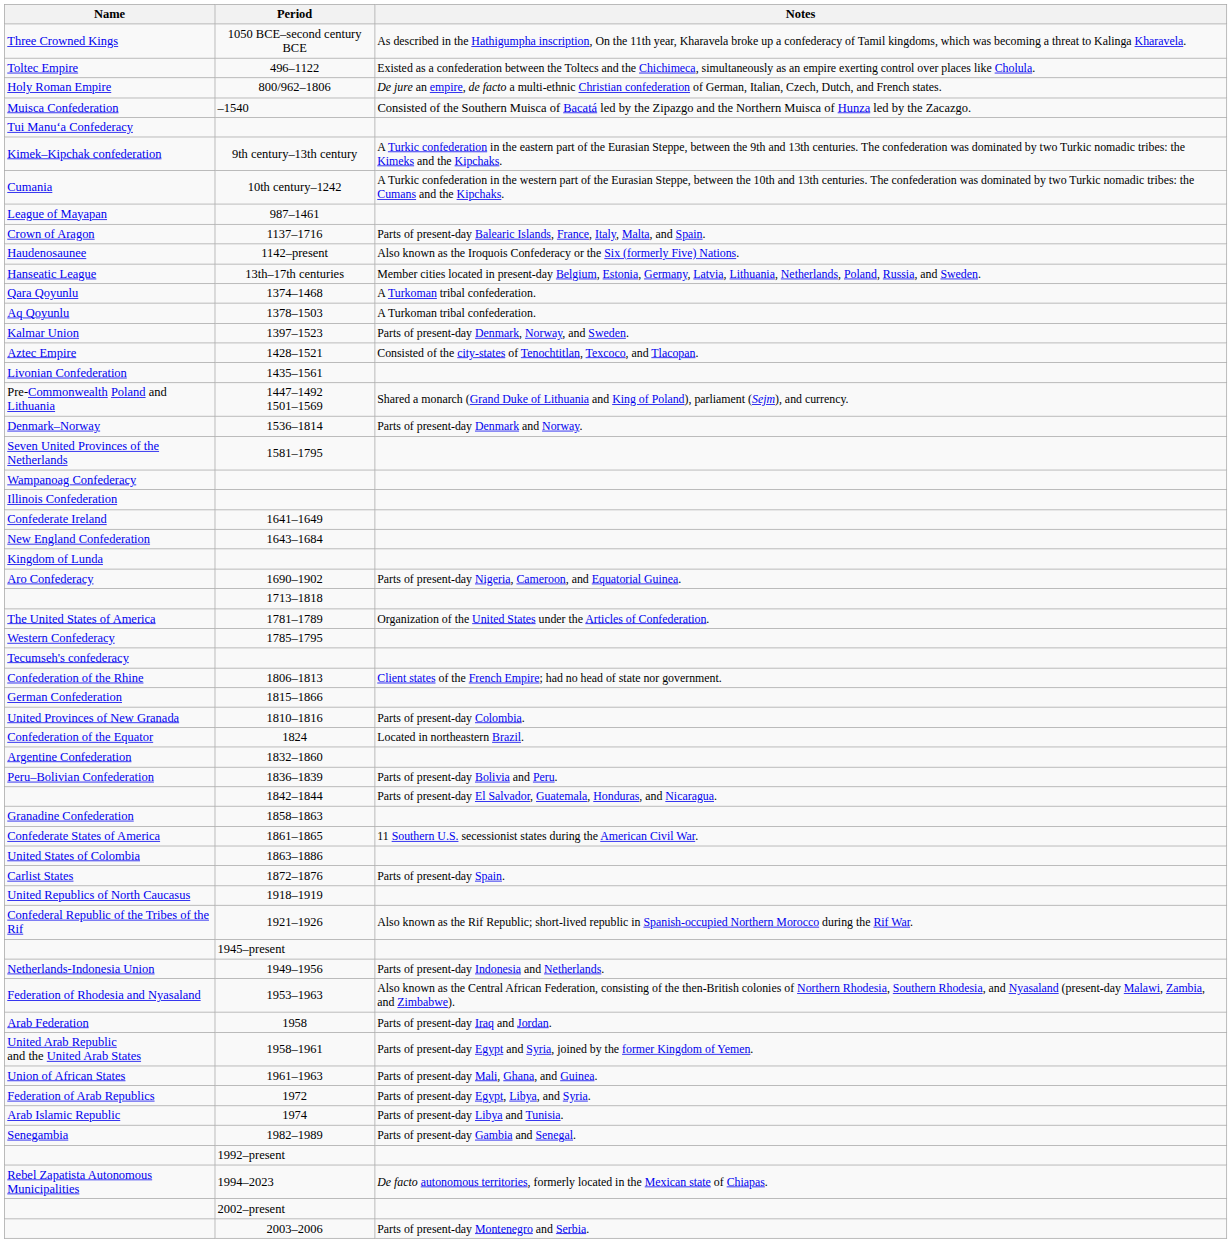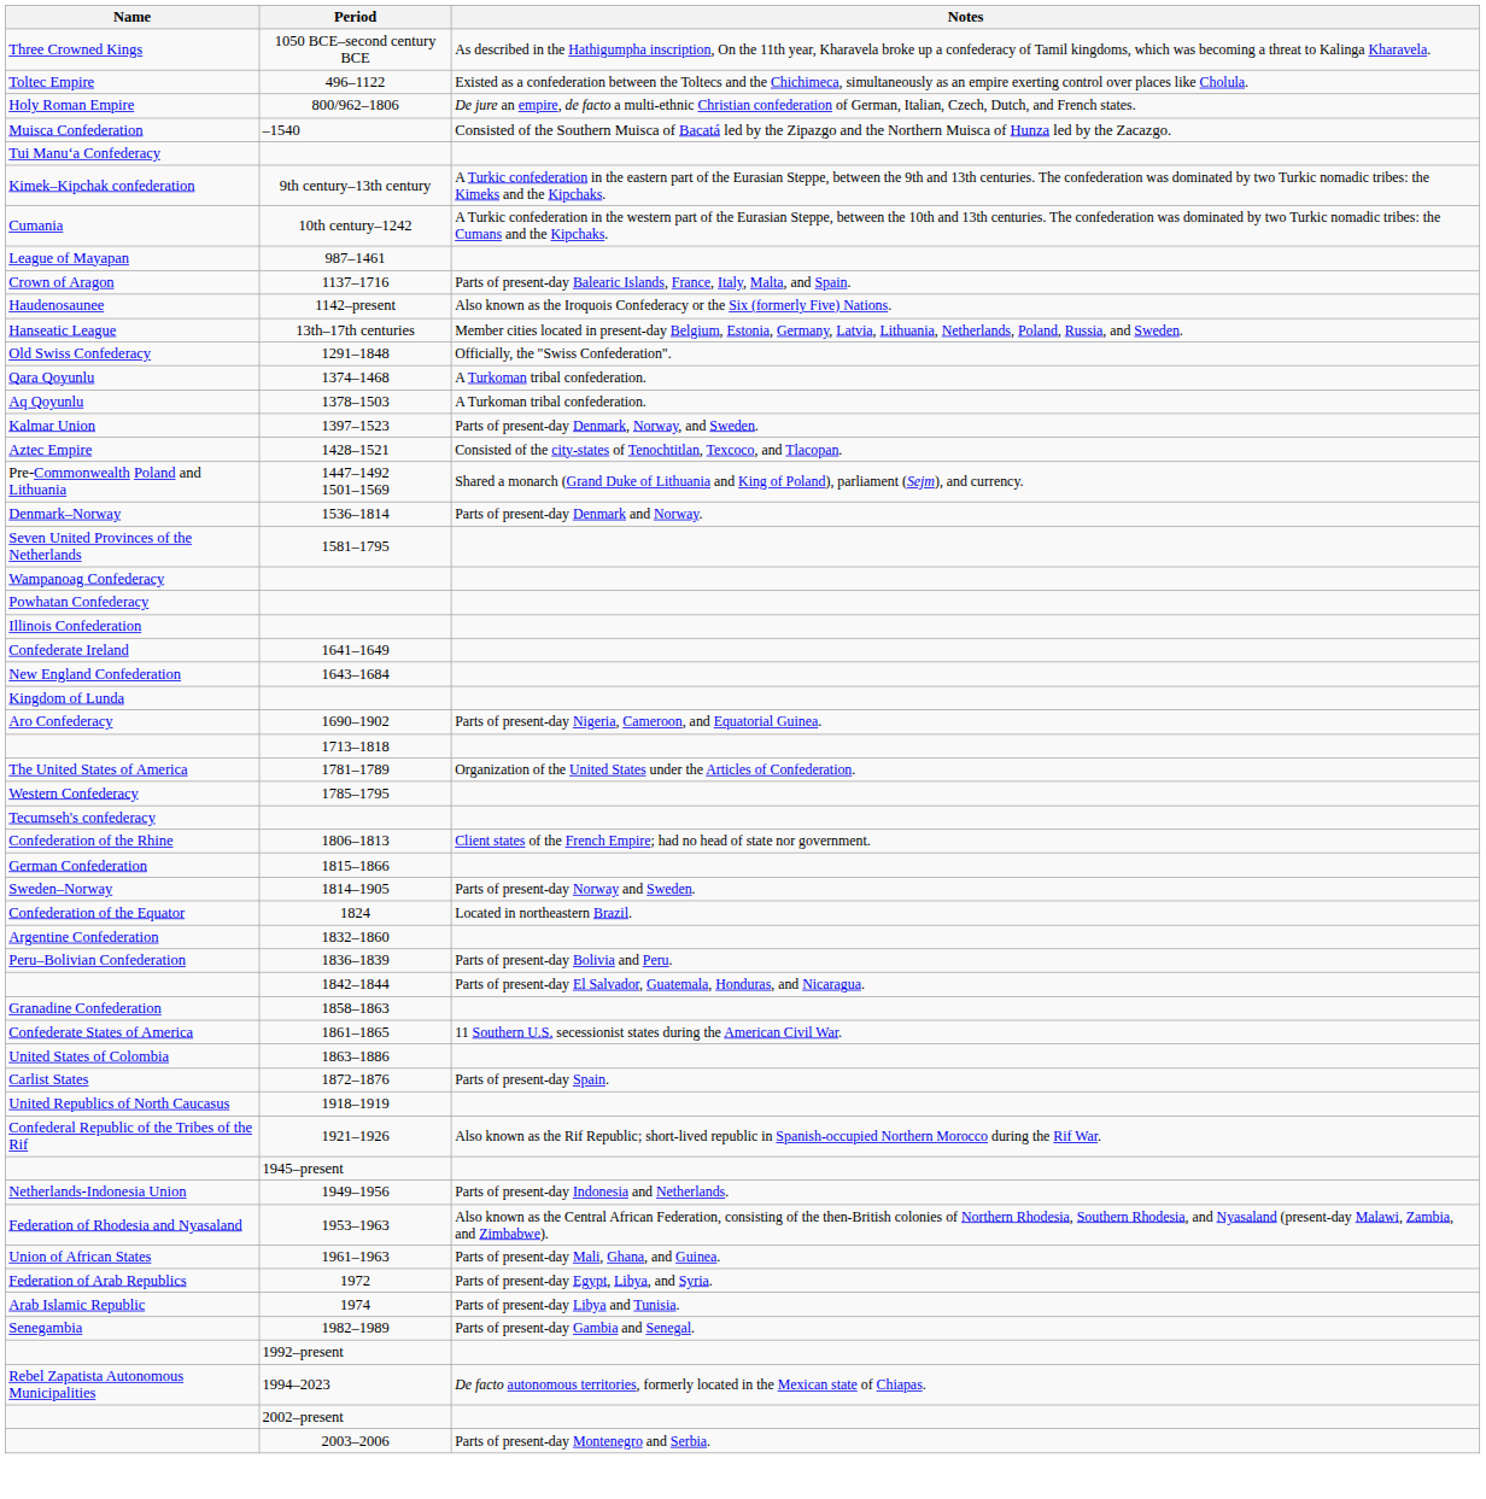 <table class="wikitable sortable">
 <tr>
 <th>Name</th>
 <th>Period</th>
 <th>Notes</th>
 </tr>
 <tr>
 <td><a href='#'>Three Crowned Kings</a></td>
 <td align="center">1050 BCE–second century BCE</td>
 <td style="font-size:95%;">As described in the <a href='#'>Hathigumpha inscription</a>, On the 11th year, Kharavela broke up a confederacy of Tamil kingdoms, which was becoming a threat to Kalinga <a href='#'>Kharavela</a>.</td>
 </tr>
 <tr>
 <td> <a href='#'>Toltec Empire</a></td>
 <td align="center">496–1122</td>
 <td style="font-size:95%;">Existed as a confederation between the Toltecs and the <a href='#'>Chichimeca</a>, simultaneously as an empire exerting control over places like <a href='#'>Cholula</a>.</td>
 </tr>
 <tr>
 <td> <a href='#'>Holy Roman Empire</a></td>
 <td align="center">800/962–1806</td>
 <td style="font-size:95%;"><em>De jure</em> an <a href='#'>empire</a>, <em>de facto</em> a multi-ethnic <a href='#'>Christian confederation</a> of German, Italian, Czech, Dutch, and French states.</td>
 </tr>
 <tr>
 <td> <a href='#'>Muisca Confederation</a></td>
 <td align=“center”>–1540</td>
 <td style=“font-size:95%;”>Consisted of the Southern Muisca of <a href='#'>Bacatá</a> led by the Zipazgo and the Northern Muisca of <a href='#'>Hunza</a> led by the Zacazgo.</td>
 </tr>
 <tr>
 <td><a href='#'>Tui Manuʻa Confederacy</a></td>
 <td align="center"></td>
 <td style="font-size:95%;"></td>
 </tr>
 <tr>
 <td><a href='#'>Kimek–Kipchak confederation</a></td>
 <td align="center">9th century–13th century</td>
 <td style="font-size:95%;">A <a href='#'>Turkic confederation</a> in the eastern part of the Eurasian Steppe, between the 9th and 13th centuries. The confederation was dominated by two Turkic nomadic tribes: the <a href='#'>Kimeks</a> and the <a href='#'>Kipchaks</a>.</td>
 </tr>
 <tr>
 <td><a href='#'>Cumania</a></td>
 <td align="center">10th century–1242</td>
 <td style="font-size:95%;">A Turkic confederation in the western part of the Eurasian Steppe, between the 10th and 13th centuries. The confederation was dominated by two Turkic nomadic tribes: the <a href='#'>Cumans</a> and the <a href='#'>Kipchaks</a>.</td>
 </tr>
 <tr>
 <td><a href='#'>League of Mayapan</a></td>
 <td align="center">987–1461</td>
 <td style="font-size:95%;"></td>
 </tr>
 <tr>
 <td> <a href='#'>Crown of Aragon</a></td>
 <td align="center">1137–1716</td>
 <td style="font-size:95%;">Parts of present-day <a href='#'>Balearic Islands</a>, <a href='#'>France</a>, <a href='#'>Italy</a>, <a href='#'>Malta</a>, and <a href='#'>Spain</a>.</td>
 </tr>
 <tr>
 <td> <a href='#'>Haudenosaunee</a></td>
 <td align="center">1142–present</td>
 <td style="font-size:95%;">Also known as the Iroquois Confederacy or the <a href='#'>Six (formerly Five) Nations</a>.</td>
 </tr>
 <tr>
 <td><a href='#'>Hanseatic League</a></td>
 <td align="center" style="white-space:nowrap;">13th–17th centuries</td>
 <td style="font-size:95%;">Member cities located in present-day <a href='#'>Belgium</a>, <a href='#'>Estonia</a>, <a href='#'>Germany</a>, <a href='#'>Latvia</a>, <a href='#'>Lithuania</a>, <a href='#'>Netherlands</a>, <a href='#'>Poland</a>, <a href='#'>Russia</a>, and <a href='#'>Sweden</a>.</td>
 </tr>
 <tr>
+<td> <a href='#'>Old Swiss Confederacy</a></td>
+<td align="center">1291–1848</td>
+<td style="font-size:95%;">Officially, the "Swiss Confederation".</td>
+</tr>
+<tr>
 <td><a href='#'>Qara Qoyunlu</a></td>
 <td align="center">1374–1468</td>
 <td style="font-size:95%;">A <a href='#'>Turkoman</a> tribal confederation.</td>
 </tr>
 <tr>
 <td><a href='#'>Aq Qoyunlu</a></td>
 <td align="center">1378–1503</td>
 <td style="font-size:95%;">A Turkoman tribal confederation.</td>
 </tr>
 <tr>
 <td> <a href='#'>Kalmar Union</a></td>
 <td align="center">1397–1523</td>
 <td style="font-size:95%;">Parts of present-day <a href='#'>Denmark</a>, <a href='#'>Norway</a>, and <a href='#'>Sweden</a>.</td>
 </tr>
 <tr>
 <td> <a href='#'>Aztec Empire</a></td>
 <td align="center">1428–1521</td>
 <td style="font-size:95%;">Consisted of the <a href='#'>city-states</a> of <a href='#'>Tenochtitlan</a>, <a href='#'>Texcoco</a>, and <a href='#'>Tlacopan</a>.</td>
 </tr>
 <tr>
-<td> <a href='#'>Livonian Confederation</a></td>
-<td align="center">1435–1561</td>
-<td style="font-size:95%;"></td>
-</tr>
-<tr>
 <td> Pre-<a href='#'>Commonwealth</a> <a href='#'>Poland</a> and <a href='#'>Lithuania</a></td>
 <td align="center">1447–1492<br>1501–1569</td>
 <td style="font-size:95%;">Shared a monarch (<a href='#'>Grand Duke of Lithuania</a> and <a href='#'>King of Poland</a>), parliament (<em><a href='#'>Sejm</a></em>), and currency.</td>
 </tr>
 <tr>
 <td> <a href='#'>Denmark–Norway</a></td>
 <td align="center">1536–1814</td>
 <td style="font-size:95%;">Parts of present-day <a href='#'>Denmark</a> and <a href='#'>Norway</a>.</td>
 </tr>
 <tr>
 <td> <a href='#'>Seven United Provinces of the Netherlands</a></td>
 <td align="center">1581–1795</td>
 <td style="font-size:95%;"></td>
 </tr>
 <tr>
 <td><a href='#'>Wampanoag Confederacy</a></td>
+<td align="center"></td>
+<td style="font-size:95%;"></td>
+</tr>
+<tr>
+<td><a href='#'>Powhatan Confederacy</a></td>
 <td align="center"></td>
 <td style="font-size:95%;"></td>
 </tr>
 <tr>
 <td><a href='#'>Illinois Confederation</a></td>
 <td align="center"></td>
 <td style="font-size:95%;"></td>
 </tr>
 <tr>
 <td> <a href='#'>Confederate Ireland</a></td>
 <td align="center">1641–1649</td>
 <td style="font-size:95%;"></td>
 </tr>
 <tr>
 <td> <a href='#'>New England Confederation</a></td>
 <td align="center">1643–1684</td>
 <td style="font-size:95%;"></td>
 </tr>
 <tr>
 <td><a href='#'>Kingdom of Lunda</a></td>
 <td></td>
 <td></td>
 </tr>
 <tr>
 <td> <a href='#'>Aro Confederacy</a></td>
 <td align="center">1690–1902</td>
 <td style="font-size:95%;">Parts of present-day <a href='#'>Nigeria</a>, <a href='#'>Cameroon</a>, and <a href='#'>Equatorial Guinea</a>.</td>
 </tr>
 <tr>
 <td></td>
 <td align="center">1713–1818</td>
 <td style="font-size:95%;"></td>
 </tr>
 <tr>
 <td> <a href='#'>The United States of America</a></td>
 <td align="center">1781–1789</td>
 <td style="font-size:95%;">Organization of the <a href='#'>United States</a> under the <a href='#'>Articles of Confederation</a>.</td>
 </tr>
 <tr>
 <td><a href='#'>Western Confederacy</a></td>
 <td align="center">1785–1795</td>
 <td style="font-size:95%;"></td>
 </tr>
 <tr>
 <td><a href='#'>Tecumseh's confederacy</a></td>
 <td align="center"></td>
 <td style="font-size:95%;"></td>
 </tr>
 <tr>
 <td> <a href='#'>Confederation of the Rhine</a></td>
 <td align="center">1806–1813</td>
 <td style="font-size:95%;"><a href='#'>Client states</a> of the <a href='#'>French Empire</a>; had no head of state nor government.</td>
 </tr>
 <tr>
 <td> <a href='#'>German Confederation</a></td>
 <td align="center">1815–1866</td>
 <td style="font-size:95%;"></td>
 </tr>
 <tr>
-<td> <a href='#'>United Provinces of New Granada</a></td>
-<td align="center">1810–1816</td>
-<td style="font-size:95%;">Parts of present-day <a href='#'>Colombia</a>.</td>
+<td> <a href='#'>Sweden–Norway</a></td>
+<td align="center">1814–1905</td>
+<td style="font-size:95%;">Parts of present-day <a href='#'>Norway</a> and <a href='#'>Sweden</a>.</td>
 </tr>
 <tr>
 <td> <a href='#'>Confederation of the Equator</a></td>
 <td align="center">1824</td>
 <td style="font-size:95%;">Located in northeastern <a href='#'>Brazil</a>.</td>
 </tr>
 <tr>
 <td> <a href='#'>Argentine Confederation</a></td>
 <td align="center">1832–1860</td>
 <td style="font-size:95%;"></td>
 </tr>
 <tr>
 <td> <a href='#'>Peru–Bolivian Confederation</a></td>
 <td align="center">1836–1839</td>
 <td style="font-size:95%;">Parts of present-day <a href='#'>Bolivia</a> and <a href='#'>Peru</a>.</td>
 </tr>
 <tr>
 <td></td>
 <td align="center">1842–1844</td>
 <td style="font-size:95%;">Parts of present-day <a href='#'>El Salvador</a>, <a href='#'>Guatemala</a>, <a href='#'>Honduras</a>, and <a href='#'>Nicaragua</a>.</td>
 </tr>
 <tr>
 <td> <a href='#'>Granadine Confederation</a></td>
 <td align="center">1858–1863</td>
 <td></td>
 </tr>
 <tr>
 <td> <a href='#'>Confederate States of America</a></td>
 <td align="center">1861–1865</td>
 <td style="font-size:95%;">11 <a href='#'>Southern U.S.</a> secessionist states during the <a href='#'>American Civil War</a>.</td>
 </tr>
 <tr>
 <td> <a href='#'>United States of Colombia</a></td>
 <td align="center">1863–1886</td>
 </tr>
 <tr>
 <td> <a href='#'>Carlist States</a></td>
 <td align="center">1872–1876</td>
 <td style="font-size:95%;">Parts of present-day <a href='#'>Spain</a>.</td>
 </tr>
 <tr>
 <td> <a href='#'>United Republics of North Caucasus</a></td>
 <td align="center">1918–1919</td>
 <td></td>
 </tr>
 <tr>
 <td> <a href='#'>Confederal Republic of the Tribes of the Rif</a></td>
 <td align="center">1921–1926</td>
 <td style="font-size:95%;">Also known as the Rif Republic; short-lived republic in <a href='#'>Spanish-occupied Northern Morocco</a> during the <a href='#'>Rif War</a>.</td>
 </tr>
 <tr>
 <td></td>
 <td>1945–present</td>
 <td></td>
 </tr>
 <tr>
 <td><a href='#'>Netherlands-Indonesia Union</a></td>
 <td align="center">1949–1956</td>
 <td style="font-size:95%;">Parts of present-day <a href='#'>Indonesia</a> and <a href='#'>Netherlands</a>.</td>
 </tr>
 <tr>
 <td> <a href='#'>Federation of Rhodesia and Nyasaland</a></td>
 <td align="center">1953–1963</td>
 <td style="font-size:95%;">Also known as the Central African Federation, consisting of the then-British colonies of <a href='#'>Northern Rhodesia</a>, <a href='#'>Southern Rhodesia</a>, and <a href='#'>Nyasaland</a> (present-day <a href='#'>Malawi</a>, <a href='#'>Zambia</a>, and <a href='#'>Zimbabwe</a>).</td>
 </tr>
 <tr>
-<td> <a href='#'>Arab Federation</a></td>
-<td align="center">1958</td>
-<td style="font-size:95%;">Parts of present-day <a href='#'>Iraq</a> and <a href='#'>Jordan</a>.</td>
-</tr>
-<tr>
-<td> <a href='#'>United Arab Republic</a><br>and the <a href='#'>United Arab States</a></td>
-<td align="center">1958–1961</td>
-<td style="font-size:95%;">Parts of present-day <a href='#'>Egypt</a> and <a href='#'>Syria</a>, joined by the <a href='#'>former Kingdom of Yemen</a>.</td>
-</tr>
-<tr>
 <td> <a href='#'>Union of African States</a></td>
 <td align="center">1961–1963</td>
 <td style="font-size:95%;">Parts of present-day <a href='#'>Mali</a>, <a href='#'>Ghana</a>, and <a href='#'>Guinea</a>.</td>
 </tr>
 <tr>
 <td> <a href='#'>Federation of Arab Republics</a></td>
 <td align="center">1972</td>
 <td style="font-size:95%;">Parts of present-day <a href='#'>Egypt</a>, <a href='#'>Libya</a>, and <a href='#'>Syria</a>.</td>
 </tr>
 <tr>
 <td> <a href='#'>Arab Islamic Republic</a></td>
 <td align="center">1974</td>
 <td style="font-size:95%;">Parts of present-day <a href='#'>Libya</a> and <a href='#'>Tunisia</a>.</td>
 </tr>
 <tr>
 <td><a href='#'>Senegambia</a></td>
 <td align="center">1982–1989</td>
 <td style="font-size:95%;">Parts of present-day <a href='#'>Gambia</a> and <a href='#'>Senegal</a>.</td>
 </tr>
 <tr>
 <td></td>
 <td>1992–present</td>
 <td></td>
 </tr>
 <tr>
 <td> <a href='#'>Rebel Zapatista Autonomous Municipalities</a></td>
 <td>1994–2023</td>
 <td style="font-size:95%;"><em>De facto</em> <a href='#'>autonomous territories</a>, formerly located in the <a href='#'>Mexican state</a> of <a href='#'>Chiapas</a>.</td>
 </tr>
 <tr>
 <td></td>
 <td>2002–present</td>
 </tr>
 <tr>
 <td></td>
 <td align="center">2003–2006</td>
 <td style="font-size:95%;">Parts of present-day <a href='#'>Montenegro</a> and <a href='#'>Serbia</a>.</td>
 </tr>
 </table>
